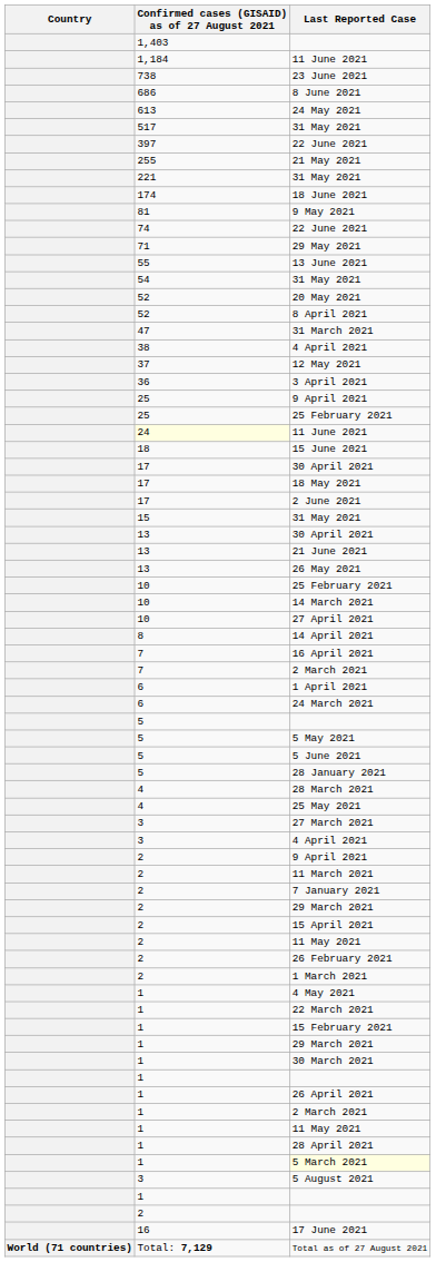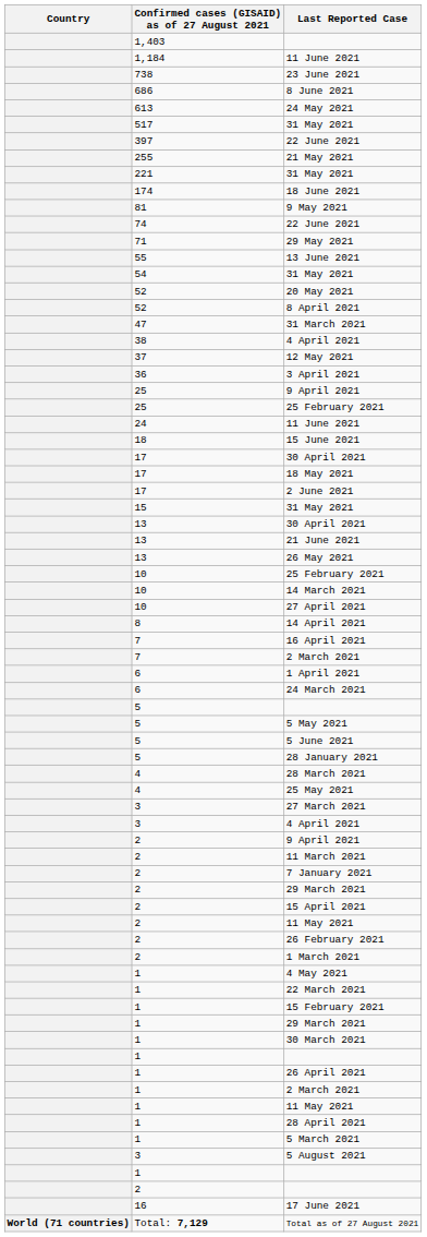 <table class="wikitable sortable plainrowheaders collapsible collapsed">
 <tr>
 <th scope="col">Country</th>
 <th scope="col">Confirmed cases (GISAID)<br>as of 27 August 2021</th>
 <th scope="col">Last Reported Case</th>
 </tr>
 <tr>
 <th scope="row"></th>
 <td>1,403</td>
 <td></td>
 </tr>
 <tr>
 <th scope="row"></th>
 <td>1,184</td>
 <td>11 June 2021</td>
 </tr>
 <tr>
 <th scope="row"></th>
 <td>738</td>
 <td>23 June 2021</td>
 </tr>
 <tr>
 <th scope="row"></th>
 <td>686</td>
 <td>8 June 2021</td>
 </tr>
 <tr>
 <th scope="row"></th>
 <td>613</td>
 <td>24 May 2021</td>
 </tr>
 <tr>
 <th scope="row"></th>
 <td>517</td>
 <td>31 May 2021</td>
 </tr>
 <tr>
 <th scope="row"></th>
 <td>397</td>
 <td>22 June 2021</td>
 </tr>
 <tr>
 <th scope="row"></th>
 <td>255</td>
 <td>21 May 2021</td>
 </tr>
 <tr>
 <th scope="row"></th>
 <td>221</td>
 <td>31 May 2021</td>
 </tr>
 <tr>
 <th scope="row"></th>
 <td>174</td>
 <td>18 June 2021</td>
 </tr>
 <tr>
 <th scope="row"></th>
 <td>81</td>
 <td>9 May 2021</td>
 </tr>
 <tr>
 <th scope="row"></th>
 <td>74</td>
 <td>22 June 2021</td>
 </tr>
 <tr>
 <th scope="row"></th>
 <td>71</td>
 <td>29 May 2021</td>
 </tr>
 <tr>
 <th scope="row"></th>
 <td>55</td>
 <td>13 June 2021</td>
 </tr>
 <tr>
 <th scope="row"></th>
 <td>54</td>
 <td>31 May 2021</td>
 </tr>
 <tr>
 <th scope="row"></th>
 <td>52</td>
 <td>20 May 2021</td>
 </tr>
 <tr>
 <th scope="row"></th>
 <td>52</td>
 <td>8 April 2021</td>
 </tr>
 <tr>
 <th scope="row"></th>
 <td>47</td>
 <td>31 March 2021</td>
 </tr>
 <tr>
 <th scope="row"></th>
 <td>38</td>
 <td>4 April 2021</td>
 </tr>
 <tr>
 <th scope="row"></th>
 <td>37</td>
 <td>12 May 2021</td>
 </tr>
 <tr>
 <th scope="row"></th>
 <td>36</td>
 <td>3 April 2021</td>
 </tr>
 <tr>
 <th scope="row"></th>
 <td>25</td>
 <td>9 April 2021</td>
 </tr>
 <tr>
 <th scope="row"></th>
 <td>25</td>
 <td>25 February 2021</td>
 </tr>
 <tr>
 <th scope="row"></th>
-<td style="background: lightyellow;">24</td>
+<td>24</td>
 <td>11 June 2021</td>
 </tr>
 <tr>
 <th scope="row"></th>
 <td>18</td>
 <td>15 June 2021</td>
 </tr>
 <tr>
 <th scope="row"></th>
 <td>17</td>
 <td>30 April 2021</td>
 </tr>
 <tr>
 <th scope="row"></th>
 <td>17</td>
 <td>18 May 2021</td>
 </tr>
 <tr>
 <th scope="row"></th>
 <td>17</td>
 <td>2 June 2021</td>
 </tr>
 <tr>
 <th scope="row"></th>
 <td>15</td>
 <td>31 May 2021</td>
 </tr>
 <tr>
 <th scope="row"></th>
 <td>13</td>
 <td>30 April 2021</td>
 </tr>
 <tr>
 <th scope="row"></th>
 <td>13</td>
 <td>21 June 2021</td>
 </tr>
 <tr>
 <th scope="row"></th>
 <td>13</td>
 <td>26 May 2021</td>
 </tr>
 <tr>
 <th scope="row"></th>
 <td>10</td>
 <td>25 February 2021</td>
 </tr>
 <tr>
 <th scope="row"></th>
 <td>10</td>
 <td>14 March 2021</td>
 </tr>
 <tr>
 <th scope="row"></th>
 <td>10</td>
 <td>27 April 2021</td>
 </tr>
 <tr>
 <th scope="row"></th>
 <td>8</td>
 <td>14 April 2021</td>
 </tr>
 <tr>
 <th scope="row"></th>
 <td>7</td>
 <td>16 April 2021</td>
 </tr>
 <tr>
 <th scope="row"></th>
 <td>7</td>
 <td>2 March 2021</td>
 </tr>
 <tr>
 <th scope="row"></th>
 <td>6</td>
 <td>1 April 2021</td>
 </tr>
 <tr>
 <th scope="row"></th>
 <td>6</td>
 <td>24 March 2021</td>
 </tr>
 <tr>
 <th scope="row"></th>
 <td>5</td>
 <td></td>
 </tr>
 <tr>
 <th scope="row"></th>
 <td>5</td>
 <td>5 May 2021</td>
 </tr>
 <tr>
 <th scope="row"></th>
 <td>5</td>
 <td>5 June 2021</td>
 </tr>
 <tr>
 <th scope="row"></th>
 <td>5</td>
 <td>28 January 2021</td>
 </tr>
 <tr>
 <th scope="row"></th>
 <td>4</td>
 <td>28 March 2021</td>
 </tr>
 <tr>
 <th scope="row"></th>
 <td>4</td>
 <td>25 May 2021</td>
 </tr>
 <tr>
 <th scope="row"></th>
 <td>3</td>
 <td>27 March 2021</td>
 </tr>
 <tr>
 <th scope="row"></th>
 <td>3</td>
 <td>4 April 2021</td>
 </tr>
 <tr>
 <th scope="row"></th>
 <td>2</td>
 <td>9 April 2021</td>
 </tr>
 <tr>
 <th scope="row"></th>
 <td>2</td>
 <td>11 March 2021</td>
 </tr>
 <tr>
 <th scope="row"></th>
 <td>2</td>
 <td>7 January 2021</td>
 </tr>
 <tr>
 <th scope="row"></th>
 <td>2</td>
 <td>29 March 2021</td>
 </tr>
 <tr>
 <th scope="row"></th>
 <td>2</td>
 <td>15 April 2021</td>
 </tr>
 <tr>
 <th scope="row"></th>
 <td>2</td>
 <td>11 May 2021</td>
 </tr>
 <tr>
 <th scope="row"></th>
 <td>2</td>
 <td>26 February 2021</td>
 </tr>
 <tr>
 <th scope="row"></th>
 <td>2</td>
 <td>1 March 2021</td>
 </tr>
 <tr>
 <th scope="row"></th>
 <td>1</td>
 <td>4 May 2021</td>
 </tr>
 <tr>
 <th scope="row"></th>
 <td>1</td>
 <td>22 March 2021</td>
 </tr>
 <tr>
 <th scope="row"></th>
 <td>1</td>
 <td>15 February 2021</td>
 </tr>
 <tr>
 <th scope="row"></th>
 <td>1</td>
 <td>29 March 2021</td>
 </tr>
 <tr>
 <th scope="row"></th>
 <td>1</td>
 <td>30 March 2021</td>
 </tr>
 <tr>
 <th scope="row"></th>
 <td>1</td>
 <td></td>
 </tr>
 <tr>
 <th scope="row"></th>
 <td>1</td>
 <td>26 April 2021</td>
 </tr>
 <tr>
 <th scope="row"></th>
 <td>1</td>
 <td>2 March 2021</td>
 </tr>
 <tr>
 <th scope="row"></th>
 <td>1</td>
 <td>11 May 2021</td>
 </tr>
 <tr>
 <th scope="row"></th>
 <td>1</td>
 <td>28 April 2021</td>
 </tr>
 <tr>
 <th scope="row"></th>
 <td>1</td>
-<td style="background: lightyellow;">5 March 2021</td>
+<td>5 March 2021</td>
 </tr>
 <tr>
 <th scope="row"></th>
 <td>3</td>
 <td>5 August 2021</td>
 </tr>
 <tr>
 <th scope="row"></th>
 <td>1</td>
 <td></td>
 </tr>
 <tr>
 <th scope="row"></th>
 <td>2</td>
 <td></td>
 </tr>
 <tr>
 <th scope="row"></th>
 <td>16</td>
 <td>17 June 2021</td>
 </tr>
 <tr class="sortbottom">
 <th scope="row"><strong>World</strong> (71 countries)</th>
 <td>Total: <strong>7,129</strong></td>
 <td><small>Total as of 27 August 2021</small></td>
 </tr>
 </table>
